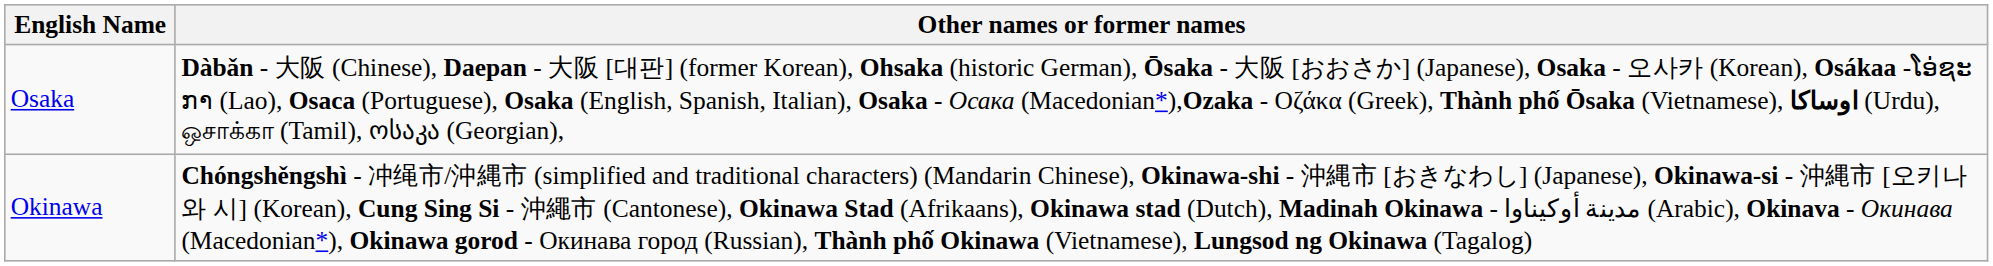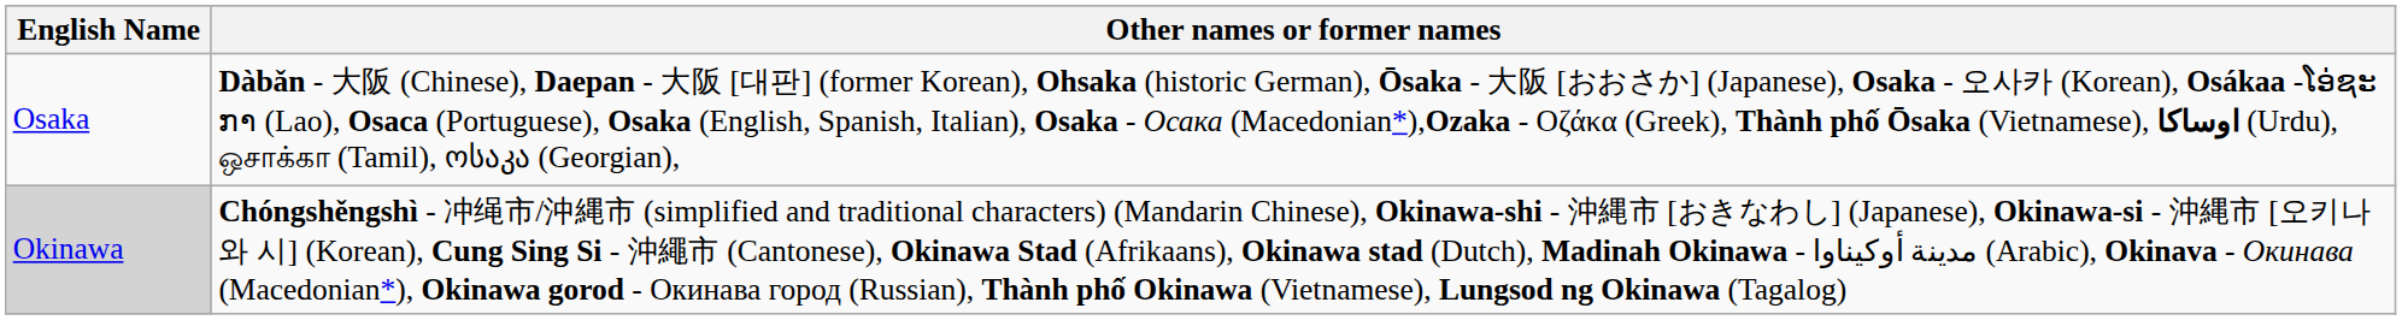 <table class="wikitable">
 <tr>
 <th style="width:100px;">English Name</th>
 <th>Other names or former names</th>
 </tr>
 <tr>
 <td> <a href='#'>Osaka</a></td>
 <td><strong>Dàbǎn</strong> - 大阪 (Chinese), <strong>Daepan</strong> - 大阪 [대판] (former Korean), <strong>Ohsaka</strong> (historic German), <strong>Ōsaka</strong> - 大阪 [おおさか] (Japanese), <strong>Osaka</strong> - 오사카 (Korean), <strong>Osákaa</strong> -ໂອ່ຊະກາ (Lao), <strong>Osaca</strong> (Portuguese), <strong>Osaka</strong> (English, Spanish, Italian), <strong>Osaka</strong> - <em>Осака</em> (Macedonian<a href='#'>*</a>),<strong>Ozaka</strong> - Οζάκα (Greek), <strong>Thành phố Ōsaka</strong> (Vietnamese), <strong> اوساکا</strong> (Urdu), ஒசாக்கா (Tamil),  ოსაკა (Georgian),</td>
 </tr>
 <tr>
-<td> <a href='#'>Okinawa</a></td>
+<td style="background: lightgrey;"> <a href='#'>Okinawa</a></td>
 <td><strong>Chóngshěngshì</strong> - 冲绳市/沖縄市 (simplified and traditional characters) (Mandarin Chinese), <strong>Okinawa-shi</strong> - 沖縄市 [おきなわし] (Japanese), <strong>Okinawa-si</strong> - 沖縄市 [오키나와 시] (Korean), <strong>Cung Sing Si</strong> - 沖繩市 (Cantonese), <strong>Okinawa Stad</strong> (Afrikaans), <strong>Okinawa stad</strong> (Dutch), <strong>Madinah Okinawa</strong> - مدينة أوكيناوا (Arabic), <strong>Okinava</strong> - <em>Окинава</em> (Macedonian<a href='#'>*</a>), <strong>Okinawa gorod</strong> - Окинава город (Russian), <strong>Thành phố Okinawa</strong> (Vietnamese), <strong>Lungsod ng Okinawa</strong> (Tagalog)</td>
 </tr>
 </table>
